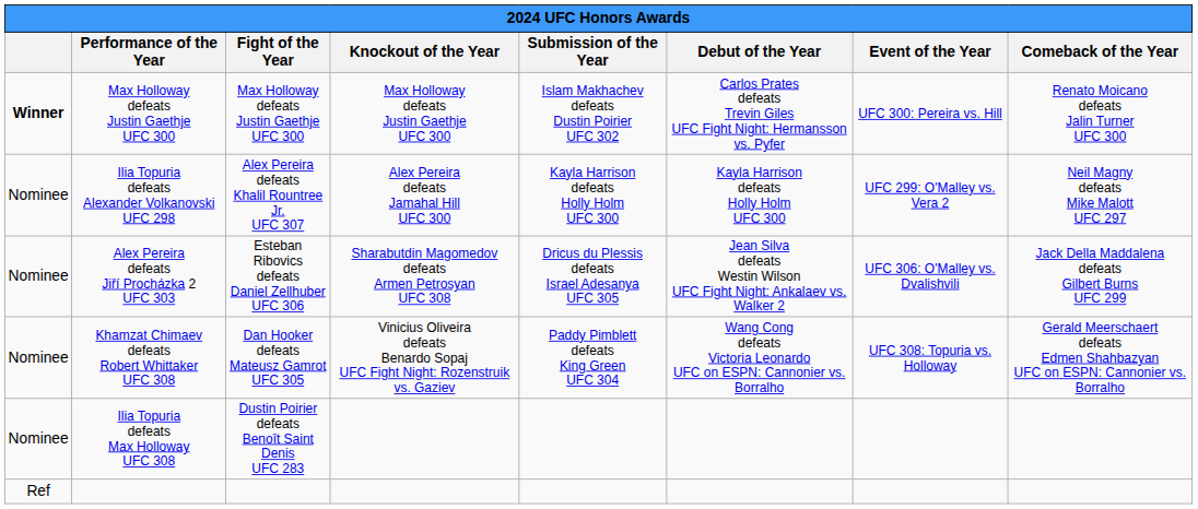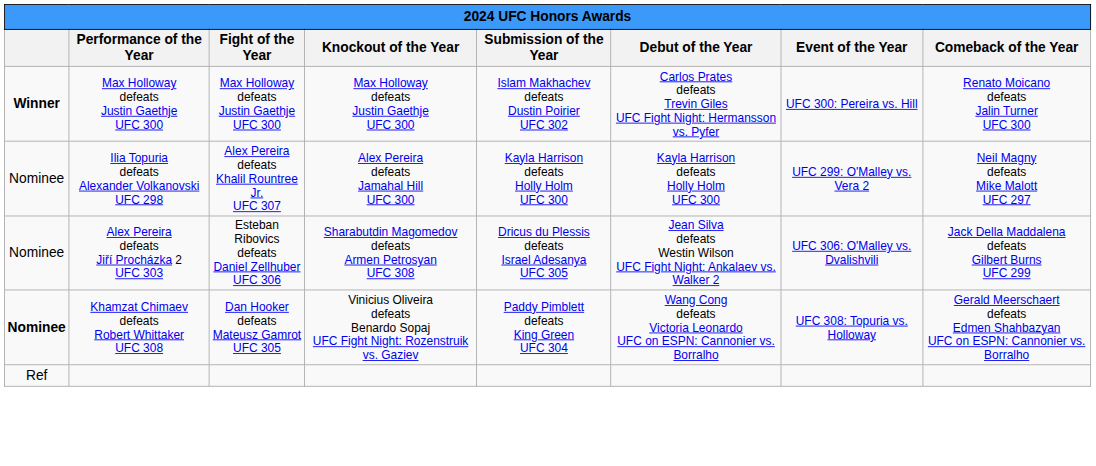 <table class="wikitable" width="100%" style="text-align:Center">
 <tr>
 <th colspan="8" style="border: 1px solid black; padding: 5px; background: #3B99FA;">2024 UFC Honors Awards</th>
 </tr>
 <tr>
 <th></th>
 <th>Performance of the Year</th>
 <th>Fight of the Year</th>
 <th>Knockout of the Year</th>
 <th>Submission of the Year</th>
 <th>Debut of the Year</th>
 <th>Event of the Year</th>
 <th>Comeback of the Year</th>
 </tr>
 <tr>
 <td><strong>Winner</strong></td>
 <td style="font-size:87%"><a href='#'>Max Holloway</a> <br> defeats <br> <a href='#'>Justin Gaethje</a> <br> <a href='#'>UFC 300</a></td>
 <td style="font-size:87%"><a href='#'>Max Holloway</a> <br> defeats <br> <a href='#'>Justin Gaethje</a> <br> <a href='#'>UFC 300</a></td>
 <td style="font-size:87%"><a href='#'>Max Holloway</a> <br> defeats <br> <a href='#'>Justin Gaethje</a> <br> <a href='#'>UFC 300</a></td>
 <td style="font-size:87%"><a href='#'>Islam Makhachev</a> <br> defeats <br> <a href='#'>Dustin Poirier</a> <br> <a href='#'>UFC 302</a></td>
 <td style="font-size:87%"><a href='#'>Carlos Prates</a> <br> defeats <br> <a href='#'>Trevin Giles</a> <br> <a href='#'>UFC Fight Night: Hermansson vs. Pyfer</a></td>
 <td style="font-size:87%"><a href='#'>UFC 300: Pereira vs. Hill</a></td>
 <td style="font-size:87%"><a href='#'>Renato Moicano</a> <br> defeats <br> <a href='#'>Jalin Turner</a> <br> <a href='#'>UFC 300</a></td>
 </tr>
 <tr>
 <td>Nominee</td>
 <td style="font-size:87%"><a href='#'>Ilia Topuria</a> <br> defeats <br> <a href='#'>Alexander Volkanovski</a> <br> <a href='#'>UFC 298</a></td>
 <td style="font-size:87%"><a href='#'>Alex Pereira</a> <br> defeats <br> <a href='#'>Khalil Rountree Jr.</a> <br> <a href='#'>UFC 307</a></td>
 <td style="font-size:87%"><a href='#'>Alex Pereira</a> <br> defeats <br> <a href='#'>Jamahal Hill</a> <br> <a href='#'>UFC 300</a></td>
 <td style="font-size:87%"><a href='#'>Kayla Harrison</a> <br> defeats <br> <a href='#'>Holly Holm</a> <br> <a href='#'>UFC 300</a></td>
 <td style="font-size:87%"><a href='#'>Kayla Harrison</a> <br> defeats <br> <a href='#'>Holly Holm</a> <br> <a href='#'>UFC 300</a></td>
 <td style="font-size:87%"><a href='#'>UFC 299: O'Malley vs. Vera 2</a></td>
 <td style="font-size:87%"><a href='#'>Neil Magny</a> <br> defeats <br> <a href='#'>Mike Malott</a> <br> <a href='#'>UFC 297</a></td>
 </tr>
 <tr>
 <td>Nominee</td>
 <td style="font-size:87%"><a href='#'>Alex Pereira</a> <br> defeats <br> <a href='#'>Jiří Procházka</a> 2<br> <a href='#'>UFC 303</a></td>
 <td style="font-size:87%">Esteban Ribovics <br> defeats <br> <a href='#'>Daniel Zellhuber</a> <br> <a href='#'>UFC 306</a></td>
 <td style="font-size:87%"><a href='#'>Sharabutdin Magomedov</a> <br> defeats <br> <a href='#'>Armen Petrosyan</a> <br> <a href='#'>UFC 308</a></td>
 <td style="font-size:87%"><a href='#'>Dricus du Plessis</a> <br> defeats <br> <a href='#'>Israel Adesanya</a> <br> <a href='#'>UFC 305</a></td>
 <td style="font-size:87%"><a href='#'>Jean Silva</a> <br> defeats <br> Westin Wilson <br> <a href='#'>UFC Fight Night: Ankalaev vs. Walker 2</a></td>
 <td style="font-size:87%"><a href='#'>UFC 306: O'Malley vs. Dvalishvili</a></td>
 <td style="font-size:87%"><a href='#'>Jack Della Maddalena</a> <br> defeats <br> <a href='#'>Gilbert Burns</a> <br> <a href='#'>UFC 299</a></td>
 </tr>
 <tr>
-<td>Nominee</td>
+<td><strong>Nominee</strong></td>
 <td style="font-size:87%"><a href='#'>Khamzat Chimaev</a> <br> defeats <br> <a href='#'>Robert Whittaker</a> <br> <a href='#'>UFC 308</a></td>
 <td style="font-size:87%"><a href='#'>Dan Hooker</a> <br> defeats <br> <a href='#'>Mateusz Gamrot</a> <br> <a href='#'>UFC 305</a></td>
 <td style="font-size:87%">Vinicius Oliveira <br> defeats <br> Benardo Sopaj <br> <a href='#'>UFC Fight Night: Rozenstruik vs. Gaziev</a></td>
 <td style="font-size:87%"><a href='#'>Paddy Pimblett</a> <br> defeats <br> <a href='#'>King Green</a> <br> <a href='#'>UFC 304</a></td>
 <td style="font-size:87%"><a href='#'>Wang Cong</a> <br> defeats <br> <a href='#'>Victoria Leonardo</a> <br> <a href='#'>UFC on ESPN: Cannonier vs. Borralho</a></td>
 <td style="font-size:87%"><a href='#'>UFC 308: Topuria vs. Holloway</a></td>
 <td style="font-size:87%"><a href='#'>Gerald Meerschaert</a> <br> defeats <br> <a href='#'>Edmen Shahbazyan</a> <br> <a href='#'>UFC on ESPN: Cannonier vs. Borralho</a></td>
-</tr>
-<tr>
-<td>Nominee</td>
-<td style="font-size:87%"><a href='#'>Ilia Topuria</a> <br> defeats <br> <a href='#'>Max Holloway</a> <br> <a href='#'>UFC 308</a></td>
-<td style="font-size:87%"><a href='#'>Dustin Poirier</a> <br> defeats <br> <a href='#'>Benoît Saint Denis</a>  <br> <a href='#'>UFC 283</a></td>
-<td></td>
-<td></td>
-<td></td>
-<td></td>
-<td></td>
 </tr>
 <tr>
 <td>Ref</td>
 <td></td>
 <td></td>
 <td></td>
 <td></td>
 <td></td>
 <td></td>
 <td></td>
 </tr>
 </table>
